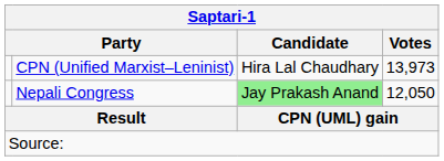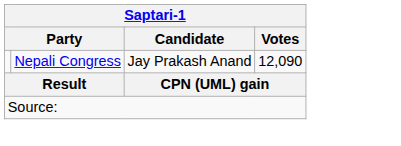 <table class="wikitable">
 <tr>
 <th colspan="4"><a href='#'>Saptari-1</a></th>
 </tr>
 <tr>
 <th colspan="2">Party</th>
 <th>Candidate</th>
 <th>Votes</th>
 </tr>
 <tr>
 <td style="background-color:"></td>
-<td><a href='#'>CPN (Unified Marxist–Leninist)</a></td>
-<td>Hira Lal Chaudhary</td>
-<td>13,973</td>
-</tr>
-<tr>
-<td style="background-color:"></td>
 <td><a href='#'>Nepali Congress</a></td>
-<td style="background: lightgreen;">Jay Prakash Anand</td>
-<td>12,050</td>
+<td>Jay Prakash Anand</td>
+<td>12,090</td>
 </tr>
 <tr>
 <th colspan="2">Result</th>
 <th colspan="2">CPN (UML) gain</th>
 </tr>
 <tr>
 <td colspan="4">Source: </td>
 </tr>
 </table>
